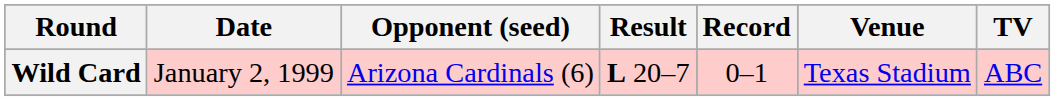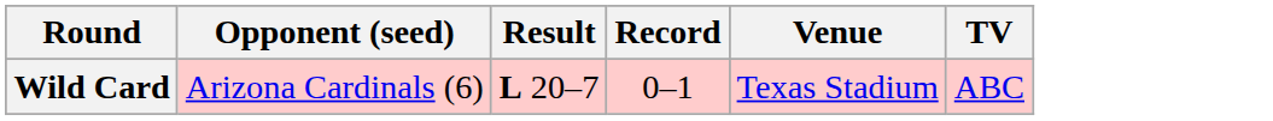 <table class="wikitable" style="text-align:center">
 <tr>
 <th>Round</th>
-<th>Date</th>
 <th>Opponent (seed)</th>
 <th>Result</th>
 <th>Record</th>
 <th>Venue</th>
 <th>TV</th>
 </tr>
 <tr style="background:#fcc">
 <th>Wild Card</th>
-<td>January 2, 1999</td>
 <td><a href='#'>Arizona Cardinals</a> (6)</td>
 <td><strong>L</strong> 20–7</td>
 <td>0–1</td>
 <td><a href='#'>Texas Stadium</a></td>
 <td><a href='#'>ABC</a></td>
 </tr>
 </table>
